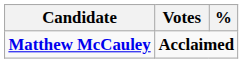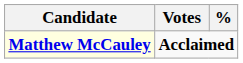 <table class="wikitable">
 <tr>
 <th>Candidate</th>
 <th>Votes</th>
 <th>%</th>
 </tr>
 <tr>
-<td><strong><a href='#'>Matthew McCauley</a></strong></td>
+<td style="background: lightyellow;"><strong><a href='#'>Matthew McCauley</a></strong></td>
 <td colspan="2"><strong>Acclaimed</strong></td>
 </tr>
 </table>
